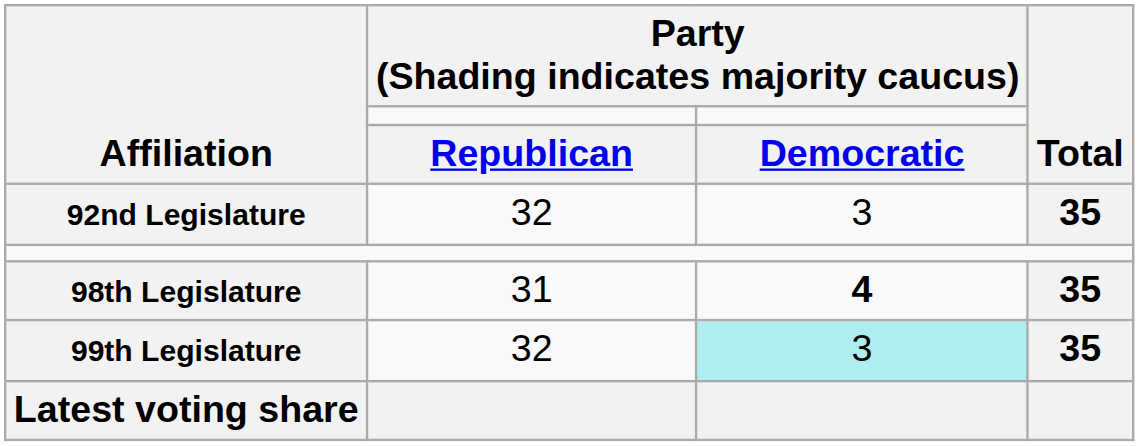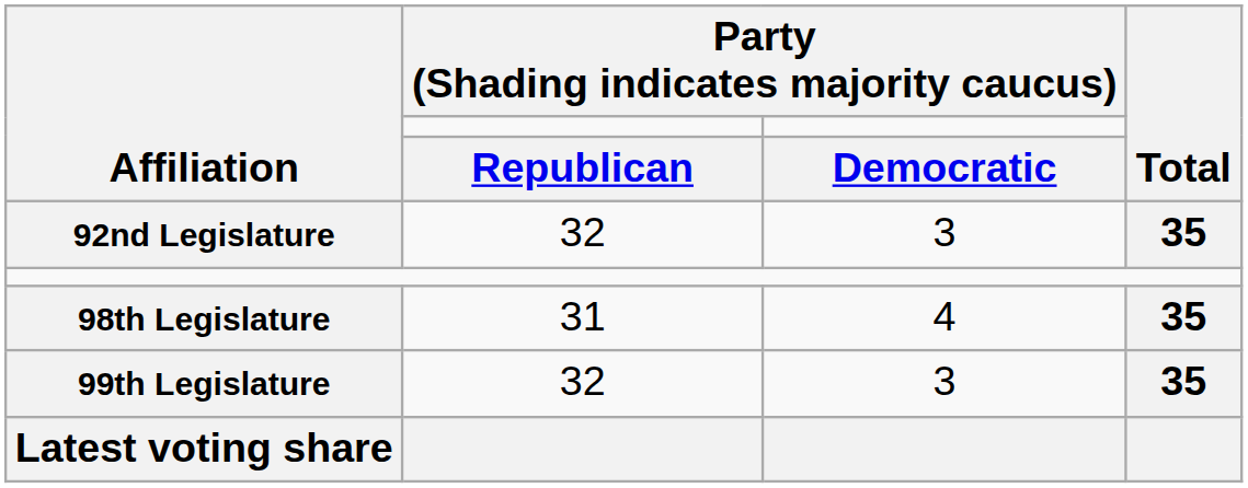 <table class=wikitable style="text-align:center">
 <tr style="vertical-align:bottom;">
 <th rowspan=3>Affiliation</th>
 <th colspan=2>Party <div>(Shading indicates majority caucus)</div></th>
 <th rowspan=3>Total</th>
 </tr>
 <tr style="height:5px">
 <td style="background-color:"></td>
 <td style="background-color:"></td>
 </tr>
 <tr>
 <th><a href='#'>Republican</a></th>
 <th><a href='#'>Democratic</a></th>
 </tr>
 <tr>
 <th nowrap style="font-size:80%">92nd Legislature</th>
 <td>32</td>
 <td>3</td>
 <th>35</th>
 </tr>
 <tr>
 <td colspan=4></td>
 </tr>
 <tr>
 <th nowrap style="font-size:80%">98th Legislature</th>
 <td>31</td>
-<td><strong>4</strong></td>
+<td>4</td>
 <th>35</th>
 </tr>
 <tr>
 <th nowrap style="font-size:80%">99th Legislature</th>
 <td>32</td>
-<td style="background: paleturquoise;">3</td>
+<td>3</td>
 <th>35</th>
 </tr>
 <tr>
 <th>Latest voting share</th>
 <th></th>
 <th></th>
 <th colspan=2></th>
 </tr>
 </table>
